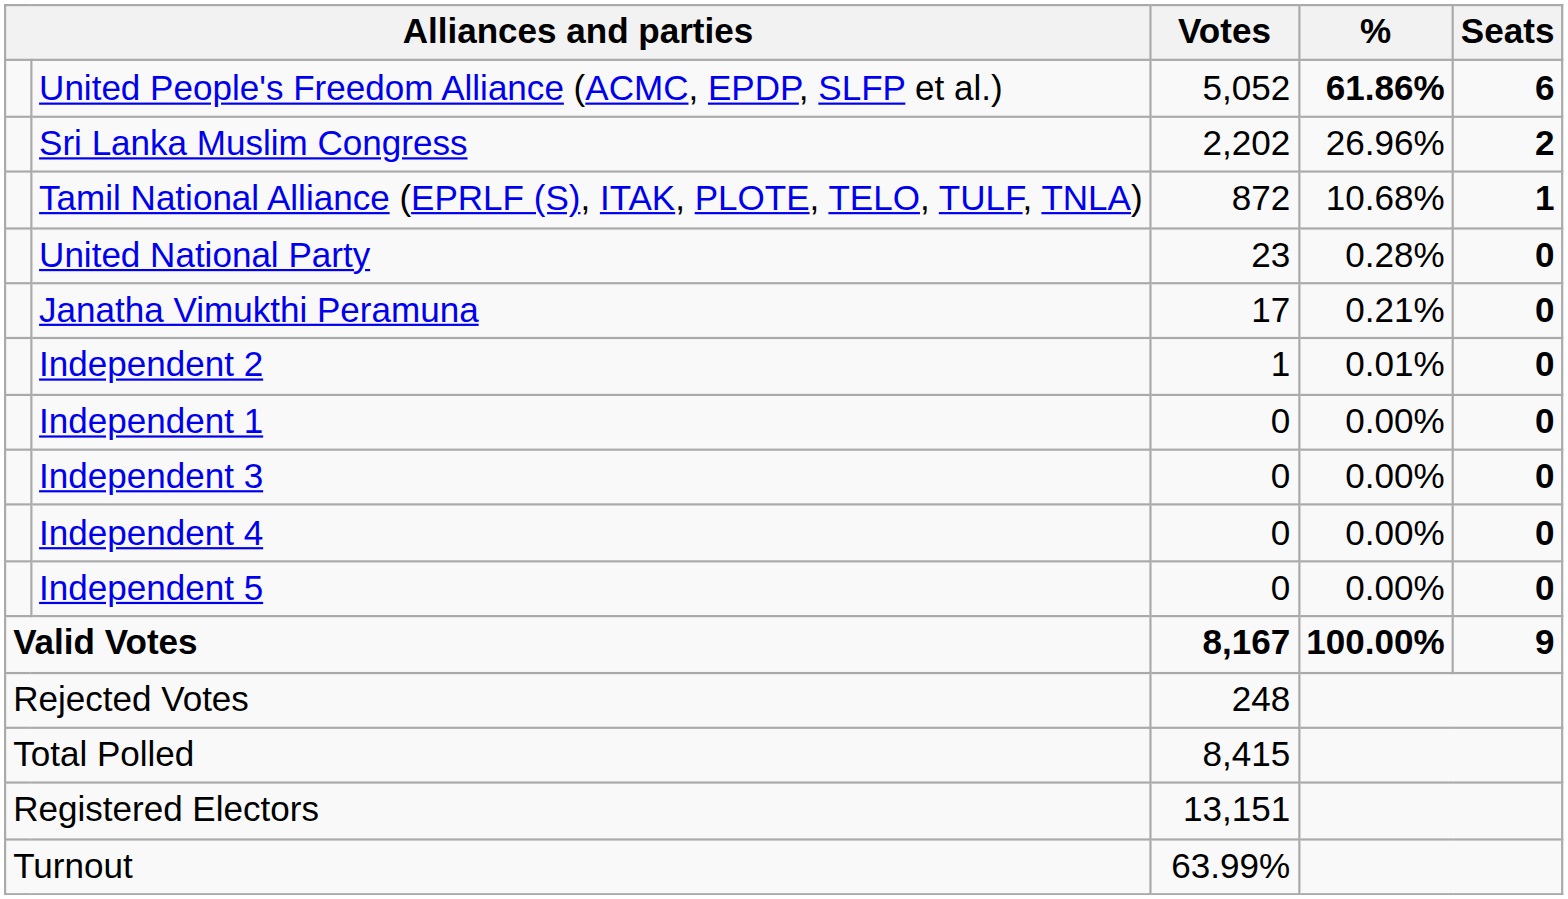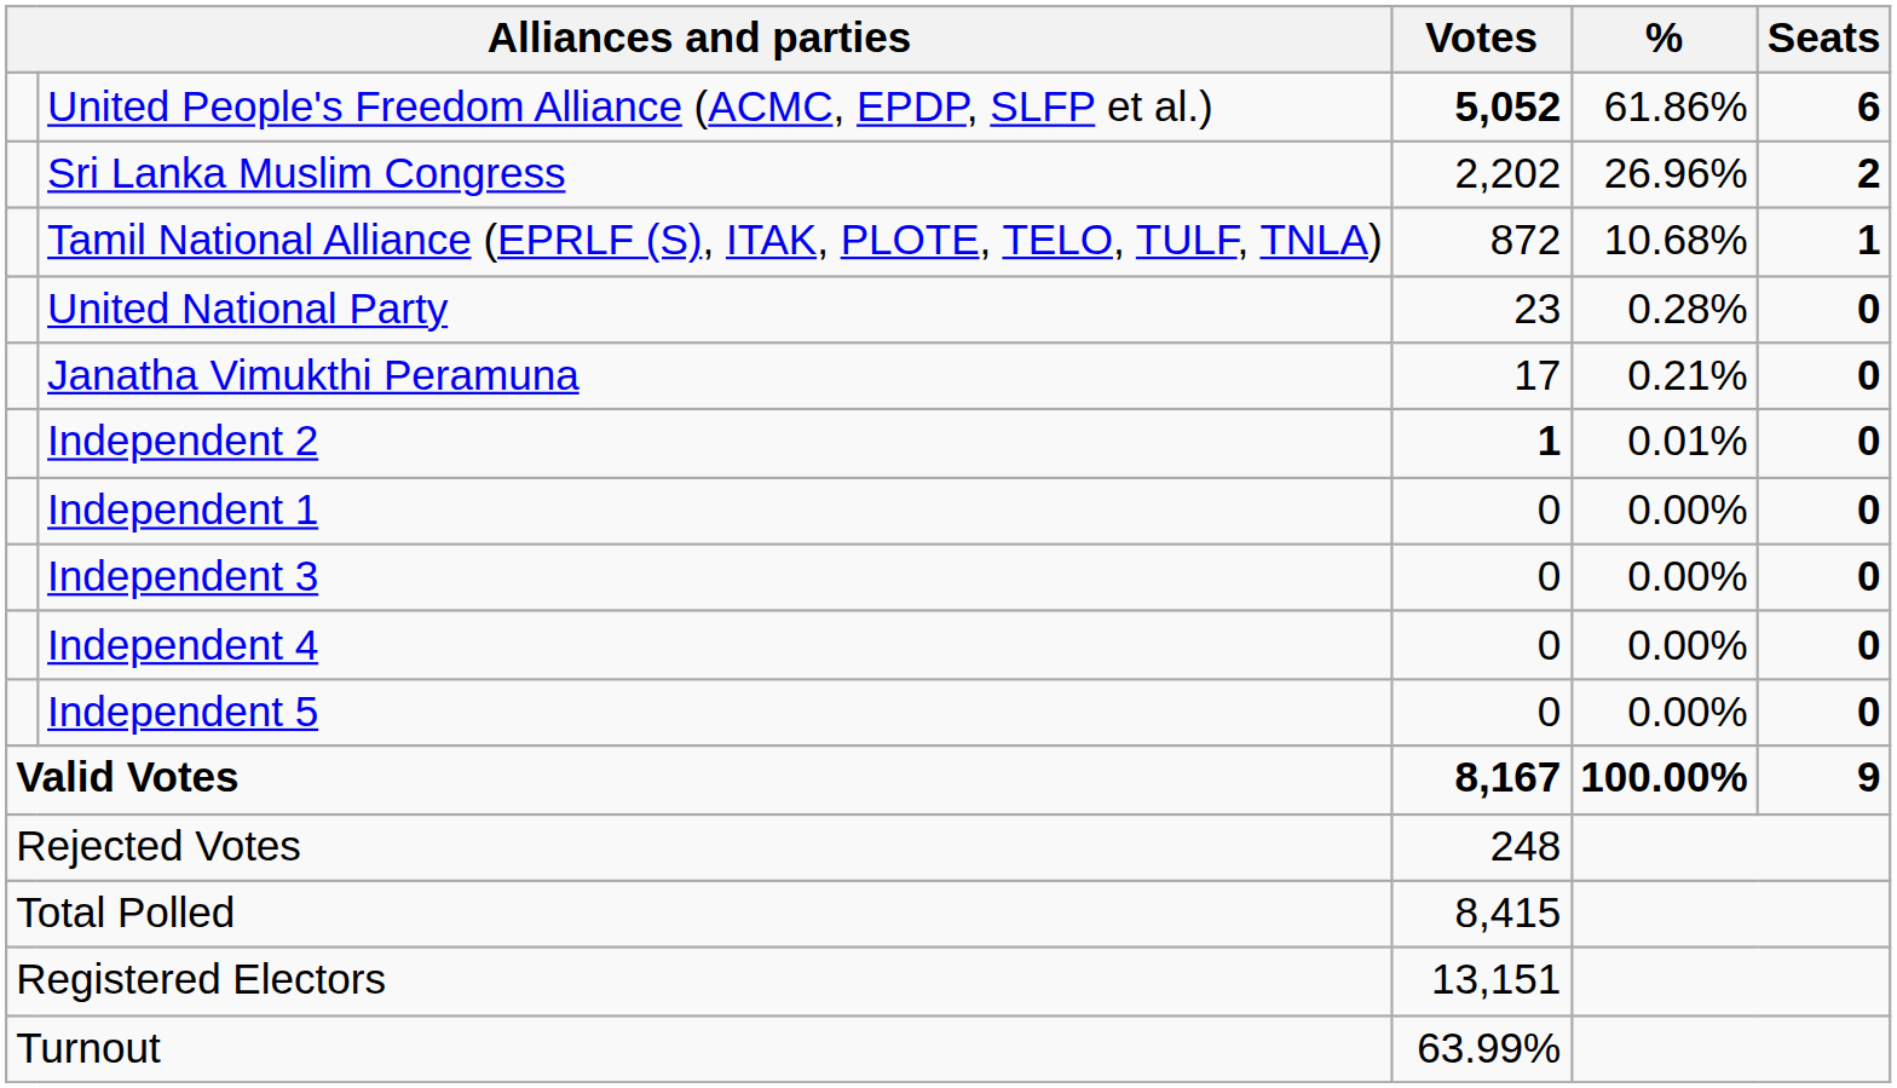 <table class="wikitable" border="1" style="text-align:right;">
 <tr>
 <th valign=bottom align=left colspan=2>Alliances and parties</th>
 <th valign=bottom align=center width="60">Votes</th>
 <th valign=bottom align=center width="50">%</th>
 <th valign=bottom align=center>Seats</th>
 </tr>
 <tr>
 <td bgcolor=> </td>
 <td align=left><a href='#'>United People's Freedom Alliance</a> (<a href='#'>ACMC</a>, <a href='#'>EPDP</a>, <a href='#'>SLFP</a> et al.)</td>
-<td>5,052</td>
-<td><strong>61.86%</strong></td>
+<td><strong>5,052</strong></td>
+<td>61.86%</td>
 <td><strong>6</strong></td>
 </tr>
 <tr>
 <td bgcolor=> </td>
 <td align=left><a href='#'>Sri Lanka Muslim Congress</a></td>
 <td>2,202</td>
 <td>26.96%</td>
 <td><strong>2</strong></td>
 </tr>
 <tr>
 <td bgcolor=> </td>
 <td align=left><a href='#'>Tamil National Alliance</a> (<a href='#'>EPRLF (S)</a>, <a href='#'>ITAK</a>, <a href='#'>PLOTE</a>, <a href='#'>TELO</a>, <a href='#'>TULF</a>, <a href='#'>TNLA</a>)</td>
 <td>872</td>
 <td>10.68%</td>
 <td><strong>1</strong></td>
 </tr>
 <tr>
 <td bgcolor=> </td>
 <td align=left><a href='#'>United National Party</a></td>
 <td>23</td>
 <td>0.28%</td>
 <td><strong>0</strong></td>
 </tr>
 <tr>
 <td bgcolor=> </td>
 <td align=left><a href='#'>Janatha Vimukthi Peramuna</a></td>
 <td>17</td>
 <td>0.21%</td>
 <td><strong>0</strong></td>
 </tr>
 <tr>
 <td></td>
 <td align=left><a href='#'>Independent 2</a></td>
-<td>1</td>
+<td><strong>1</strong></td>
 <td>0.01%</td>
 <td><strong>0</strong></td>
 </tr>
 <tr>
 <td></td>
 <td align=left><a href='#'>Independent 1</a></td>
 <td>0</td>
 <td>0.00%</td>
 <td><strong>0</strong></td>
 </tr>
 <tr>
 <td></td>
 <td align=left><a href='#'>Independent 3</a></td>
 <td>0</td>
 <td>0.00%</td>
 <td><strong>0</strong></td>
 </tr>
 <tr>
 <td></td>
 <td align=left><a href='#'>Independent 4</a></td>
 <td>0</td>
 <td>0.00%</td>
 <td><strong>0</strong></td>
 </tr>
 <tr>
 <td></td>
 <td align=left><a href='#'>Independent 5</a></td>
 <td>0</td>
 <td>0.00%</td>
 <td><strong>0</strong></td>
 </tr>
 <tr>
 <td colspan=2 align=left><strong>Valid Votes</strong></td>
 <td><strong>8,167</strong></td>
 <td><strong>100.00%</strong></td>
 <td><strong>9</strong></td>
 </tr>
 <tr>
 <td colspan=2 align=left>Rejected Votes</td>
 <td>248</td>
 <td colspan=2></td>
 </tr>
 <tr>
 <td colspan=2 align=left>Total Polled</td>
 <td>8,415</td>
 <td colspan=2></td>
 </tr>
 <tr>
 <td colspan=2 align=left>Registered Electors</td>
 <td>13,151</td>
 <td colspan=2></td>
 </tr>
 <tr>
 <td colspan=2 align=left>Turnout</td>
 <td>63.99%</td>
 <td colspan=2></td>
 </tr>
 </table>
